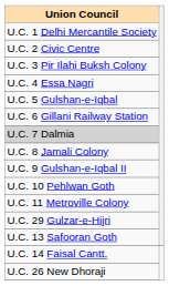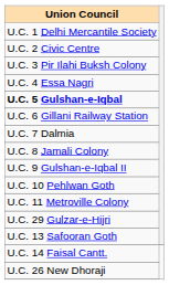 <table class="sortable wikitable" align="left">
 <tr>
 <th style="background:#ffdead;"><strong>Union Council</strong></th>
 <th rowspan=14 style="border-bottom:1px solid grey;" valign="top" class="unsortable"><br><br></th>
 </tr>
 <tr>
 <td style="border-bottom:1px solid grey;">U.C. 1 <a href='#'>Delhi Mercantile Society</a></td>
 </tr>
 <tr>
 <td style="border-bottom:1px solid grey;">U.C. 2 <a href='#'>Civic Centre</a></td>
 </tr>
 <tr>
 <td style="border-bottom:1px solid grey;">U.C. 3 <a href='#'>Pir Ilahi Buksh Colony</a></td>
 </tr>
 <tr>
 <td style="border-bottom:1px solid grey;">U.C. 4 <a href='#'>Essa Nagri</a></td>
 </tr>
 <tr>
-<td style="border-bottom:1px solid grey;">U.C. 5 <a href='#'>Gulshan-e-Iqbal</a></td>
+<td style="border-bottom:1px solid grey;"><strong>U.C. 5 <a href='#'>Gulshan-e-Iqbal</a></strong></td>
 </tr>
 <tr>
 <td style="border-bottom:1px solid grey;">U.C. 6 <a href='#'>Gillani Railway Station</a></td>
 </tr>
 <tr>
-<td style="background: lightgrey; border-bottom:1px solid grey;">U.C. 7 Dalmia</td>
+<td style="border-bottom:1px solid grey;">U.C. 7 Dalmia</td>
 </tr>
 <tr>
 <td style="border-bottom:1px solid grey;">U.C. 8 <a href='#'>Jamali Colony</a></td>
 </tr>
 <tr>
 <td style="border-bottom:1px solid grey;">U.C. 9 <a href='#'>Gulshan-e-Iqbal II</a></td>
 </tr>
 <tr>
 <td style="border-bottom:1px solid grey;">U.C. 10 <a href='#'>Pehlwan Goth</a></td>
 </tr>
 <tr>
 <td style="border-bottom:1px solid grey;">U.C. 11 <a href='#'>Metroville Colony</a></td>
 </tr>
 <tr>
 <td style="border-bottom:1px solid grey;">U.C. 29 <a href='#'>Gulzar-e-Hijri</a></td>
 </tr>
 <tr>
 <td style="border-bottom:1px solid grey;">U.C. 13 <a href='#'>Safooran Goth</a></td>
 </tr>
 <tr>
 <td style="border-bottom:1px solid grey;">U.C. 14 <a href='#'>Faisal Cantt.</a></td>
 </tr>
 <tr>
 <td style="border-bottom:1px solid grey;">U.C. 26 New Dhoraji</td>
 </tr>
 <tr>
 </tr>
 </table>
